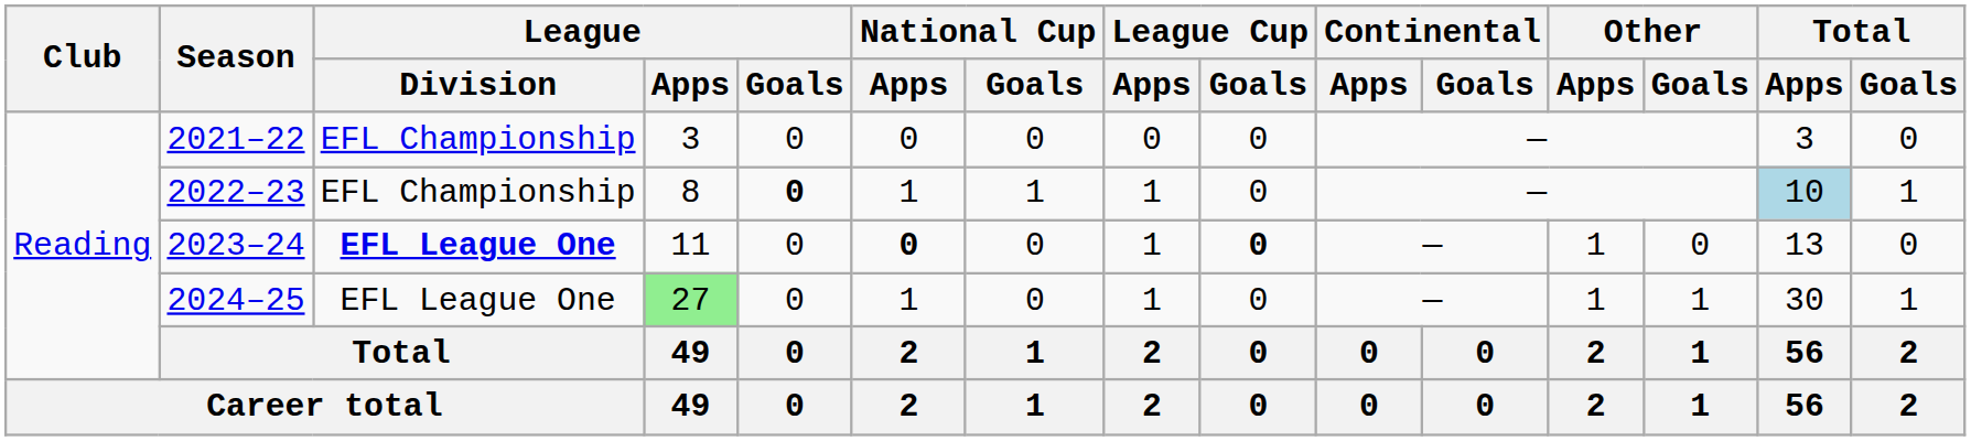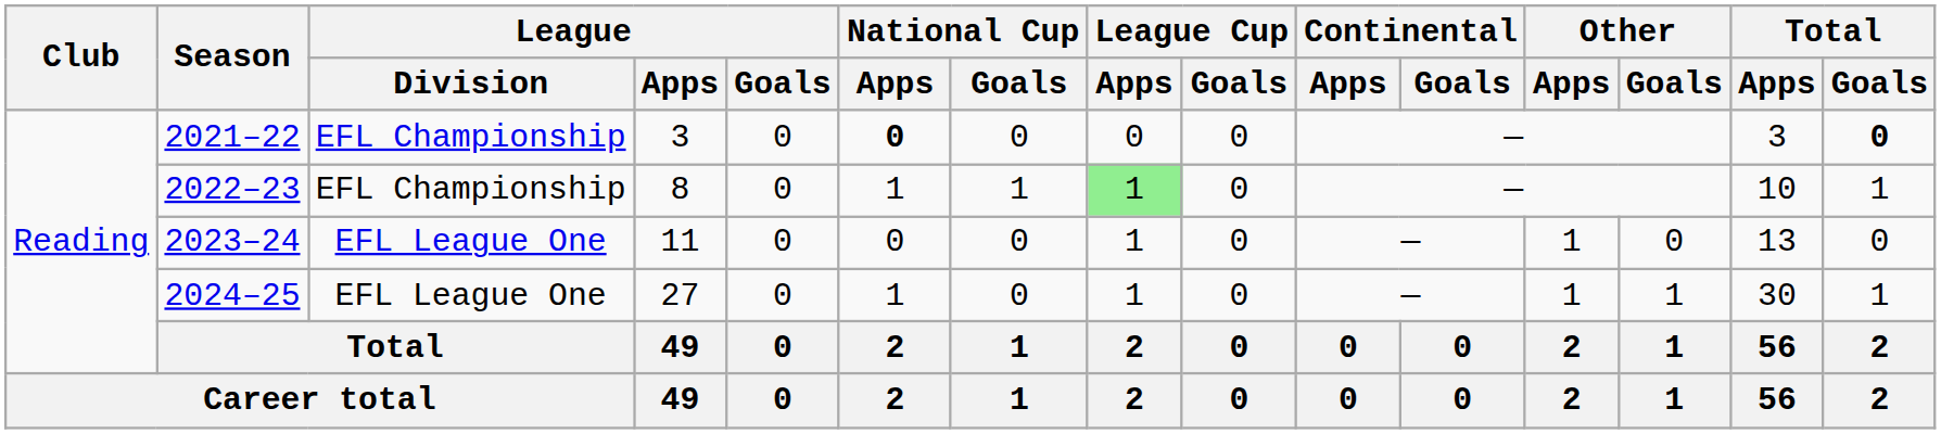 <table class="wikitable" style="text-align:center">
 <tr>
 <th rowspan="2">Club</th>
 <th rowspan="2">Season</th>
 <th colspan="3">League</th>
 <th colspan="2">National Cup</th>
 <th colspan="2">League Cup</th>
 <th colspan="2">Continental</th>
 <th colspan="2">Other</th>
 <th colspan="2">Total</th>
 </tr>
 <tr>
 <th>Division</th>
 <th>Apps</th>
 <th>Goals</th>
 <th>Apps</th>
 <th>Goals</th>
 <th>Apps</th>
 <th>Goals</th>
 <th>Apps</th>
 <th>Goals</th>
 <th>Apps</th>
 <th>Goals</th>
 <th>Apps</th>
 <th>Goals</th>
 </tr>
 <tr>
 <td rowspan="5"><a href='#'>Reading</a></td>
 <td><a href='#'>2021–22</a></td>
 <td><a href='#'>EFL Championship</a></td>
 <td>3</td>
 <td>0</td>
-<td>0</td>
+<td><strong>0</strong></td>
 <td>0</td>
 <td>0</td>
 <td>0</td>
 <td colspan="4">—</td>
 <td>3</td>
-<td>0</td>
+<td><strong>0</strong></td>
 </tr>
 <tr>
 <td><a href='#'>2022–23</a></td>
 <td>EFL Championship</td>
 <td>8</td>
-<td><strong>0</strong></td>
+<td>0</td>
 <td>1</td>
 <td>1</td>
-<td>1</td>
+<td style="background: lightgreen;">1</td>
 <td>0</td>
 <td colspan="4">—</td>
-<td style="background: lightblue;">10</td>
+<td>10</td>
 <td>1</td>
 </tr>
 <tr>
 <td><a href='#'>2023–24</a></td>
-<td><strong><a href='#'>EFL League One</a></strong></td>
+<td><a href='#'>EFL League One</a></td>
 <td>11</td>
 <td>0</td>
-<td><strong>0</strong></td>
+<td>0</td>
 <td>0</td>
 <td>1</td>
-<td><strong>0</strong></td>
+<td>0</td>
 <td colspan="2">—</td>
 <td>1</td>
 <td>0</td>
 <td>13</td>
 <td>0</td>
 </tr>
 <tr>
 <td><a href='#'>2024–25</a></td>
 <td>EFL League One</td>
-<td style="background: lightgreen;">27</td>
+<td>27</td>
 <td>0</td>
 <td>1</td>
 <td>0</td>
 <td>1</td>
 <td>0</td>
 <td colspan="2">—</td>
 <td>1</td>
 <td>1</td>
 <td>30</td>
 <td>1</td>
 </tr>
 <tr>
 <th colspan="2">Total</th>
 <th>49</th>
 <th>0</th>
 <th>2</th>
 <th>1</th>
 <th>2</th>
 <th>0</th>
 <th>0</th>
 <th>0</th>
 <th>2</th>
 <th>1</th>
 <th>56</th>
 <th>2</th>
 </tr>
 <tr>
 <th colspan="3">Career total</th>
 <th>49</th>
 <th>0</th>
 <th>2</th>
 <th>1</th>
 <th>2</th>
 <th>0</th>
 <th>0</th>
 <th>0</th>
 <th>2</th>
 <th>1</th>
 <th>56</th>
 <th>2</th>
 </tr>
 </table>
